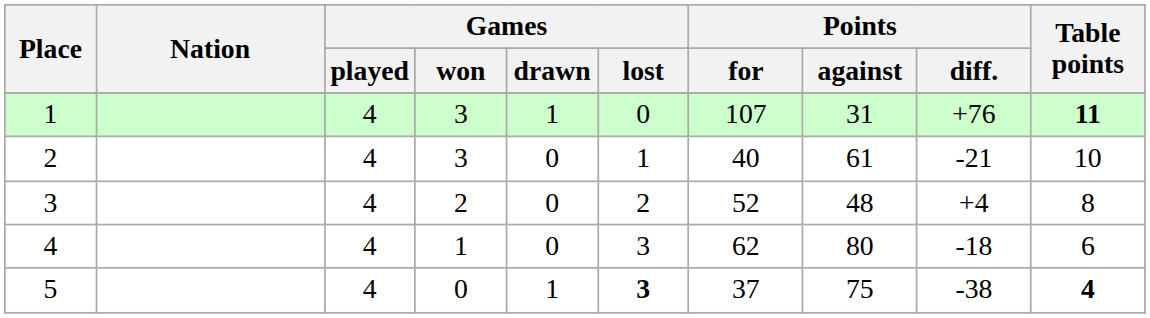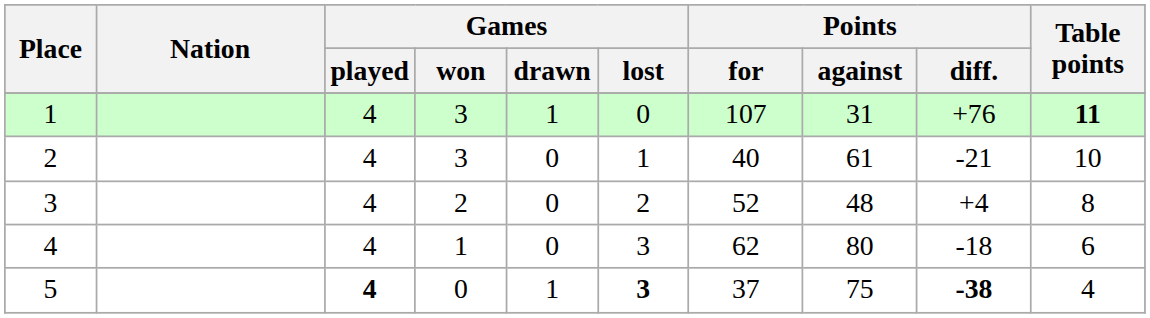 <table class="wikitable">
 <tr>
 <th rowspan=2 width="8%">Place</th>
 <th rowspan=2 width="20%">Nation</th>
 <th colspan=4 width="32%">Games</th>
 <th colspan=3 width="30%">Points</th>
 <th rowspan=2 width="10%">Table<br>points</th>
 </tr>
 <tr>
 <th width="8%">played</th>
 <th width="8%">won</th>
 <th width="8%">drawn</th>
 <th width="8%">lost</th>
 <th width="10%">for</th>
 <th width="10%">against</th>
 <th width="10%">diff.</th>
 </tr>
 <tr>
 </tr>
 <tr bgcolor=#ccffcc align=center>
 <td>1</td>
 <td align=left><strong></strong></td>
 <td>4</td>
 <td>3</td>
 <td>1</td>
 <td>0</td>
 <td>107</td>
 <td>31</td>
 <td>+76</td>
 <td><strong>11</strong></td>
 </tr>
 <tr bgcolor=#ffffff align=center>
 <td>2</td>
 <td align=left></td>
 <td>4</td>
 <td>3</td>
 <td>0</td>
 <td>1</td>
 <td>40</td>
 <td>61</td>
 <td>-21</td>
 <td>10</td>
 </tr>
 <tr bgcolor=#ffffff align=center>
 <td>3</td>
 <td align=left></td>
 <td>4</td>
 <td>2</td>
 <td>0</td>
 <td>2</td>
 <td>52</td>
 <td>48</td>
 <td>+4</td>
 <td>8</td>
 </tr>
 <tr bgcolor=#ffffff align=center>
 <td>4</td>
 <td align=left></td>
 <td>4</td>
 <td>1</td>
 <td>0</td>
 <td>3</td>
 <td>62</td>
 <td>80</td>
 <td>-18</td>
 <td>6</td>
 </tr>
 <tr bgcolor=#ffffff align=center>
 <td>5</td>
 <td align=left></td>
-<td>4</td>
+<td><strong>4</strong></td>
 <td>0</td>
 <td>1</td>
 <td><strong>3</strong></td>
 <td>37</td>
 <td>75</td>
-<td>-38</td>
-<td><strong>4</strong></td>
+<td><strong>-38</strong></td>
+<td>4</td>
 </tr>
 </table>
